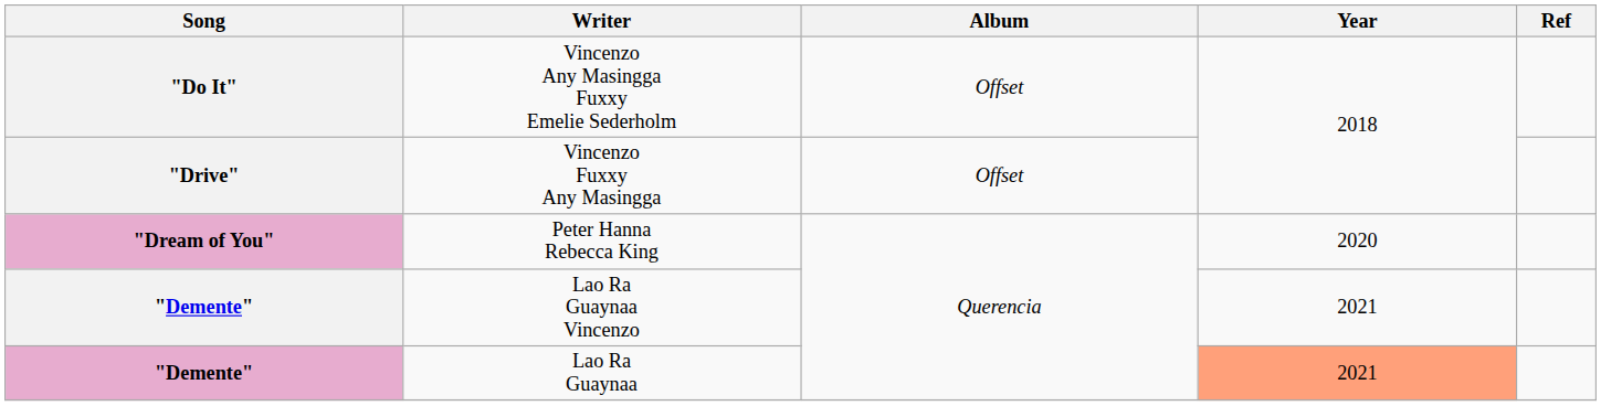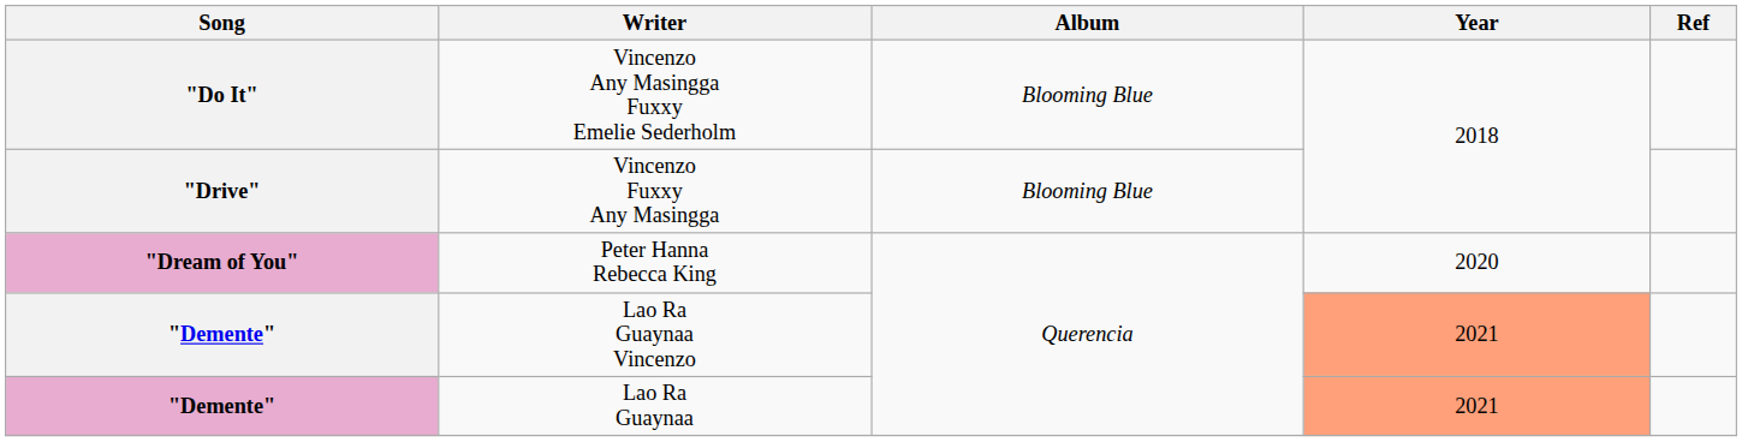 <table class="wikitable" style="text-align:center; width:100%">
 <tr>
 <th style="width:25%">Song</th>
 <th style="width:25%">Writer</th>
 <th style="width:25%">Album</th>
 <th style="width:20%">Year</th>
 <th style="width:5%">Ref</th>
 </tr>
 <tr>
 <th scope="row">"Do It"</th>
 <td>Vincenzo<br>Any Masingga<br>Fuxxy<br>Emelie Sederholm</td>
-<td><em>Offset</em></td>
+<td><em>Blooming Blue</em></td>
 <td rowspan="2">2018</td>
 <td></td>
 </tr>
 <tr>
 <th scope="row">"Drive"</th>
 <td>Vincenzo<br>Fuxxy<br>Any Masingga</td>
-<td><em>Offset</em></td>
+<td><em>Blooming Blue</em></td>
 <td></td>
 </tr>
 <tr>
 <th scope="row" style="background-color:#E7ACCF">"Dream of You"<br> </th>
 <td>Peter Hanna<br>Rebecca King</td>
 <td rowspan="3"><em>Querencia</em></td>
 <td>2020</td>
 <td></td>
 </tr>
 <tr>
 <th scope="row">"<a href='#'>Demente</a>"<br></th>
 <td>Lao Ra<br>Guaynaa<br>Vincenzo</td>
-<td rowspan="1">2021</td>
+<td rowspan="1" style="background: lightsalmon;">2021</td>
 <td></td>
 </tr>
 <tr>
 <th scope="row" style="background-color:#E7ACCF">"Demente" <br> </th>
 <td>Lao Ra<br>Guaynaa</td>
 <td style="background: lightsalmon;">2021</td>
 <td></td>
 </tr>
 <tr>
 </tr>
 </table>
